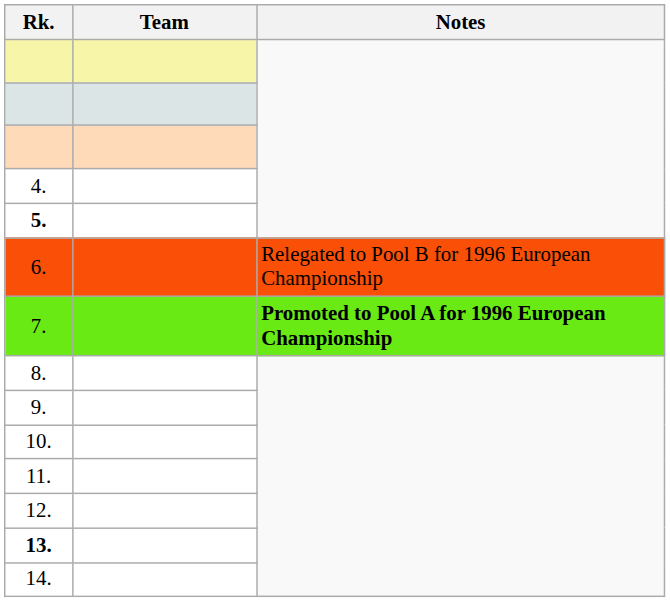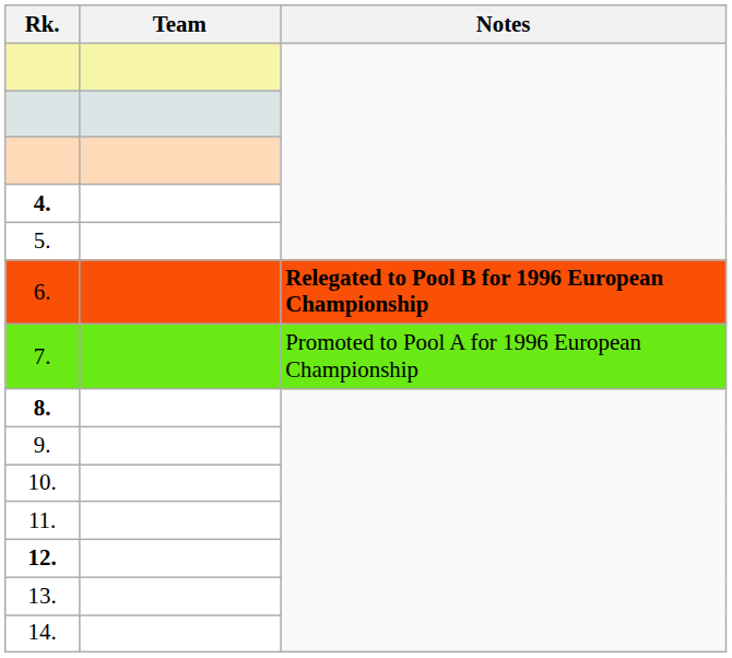 <table class="wikitable" style="border:1px solid #AAAAAA;font-size:90%">
 <tr bgcolor="#E4E4E4">
 <th style="border-bottom:1px solid #AAAAAA" width=40>Rk.</th>
 <th style="border-bottom:1px solid #AAAAAA" width=120>Team</th>
 <th style="border-bottom:1px solid #AAAAAA" width=275>Notes</th>
 </tr>
 <tr bgcolor="#F7F6A8">
 <td align="center" style="height:23px"></td>
 <td><strong></strong></td>
 </tr>
 <tr bgcolor="#DCE5E5">
 <td align="center" style="height:23px"></td>
 <td></td>
 </tr>
 <tr bgcolor="#FFDAB9">
 <td align="center" style="height:23px"></td>
 <td></td>
 </tr>
 <tr style="background:#ffffff;">
-<td align="center">4.</td>
+<td align="center"><strong>4.</strong></td>
 <td></td>
 </tr>
 <tr style="background:#ffffff;">
-<td align="center"><strong>5.</strong></td>
+<td align="center">5.</td>
 <td></td>
 </tr>
 <tr style="background:#f94f06;">
 <td align="center">6.</td>
 <td></td>
-<td>Relegated to Pool B for 1996 European Championship</td>
+<td><strong>Relegated to Pool B for 1996 European Championship</strong></td>
 </tr>
 <tr style="background:#6aEa15;">
 <td align="center">7.</td>
 <td></td>
-<td><strong>Promoted to Pool A for 1996 European Championship</strong></td>
+<td>Promoted to Pool A for 1996 European Championship</td>
 </tr>
 <tr style="background:#ffffff;">
-<td align="center">8.</td>
+<td align="center"><strong>8.</strong></td>
 <td></td>
 </tr>
 <tr style="background:#ffffff;">
 <td align="center">9.</td>
 <td></td>
 </tr>
 <tr style="background:#ffffff;">
 <td align="center">10.</td>
 <td></td>
 </tr>
 <tr style="background:#ffffff;">
 <td align="center">11.</td>
 <td></td>
 </tr>
 <tr style="background:#ffffff;">
-<td align="center">12.</td>
+<td align="center"><strong>12.</strong></td>
 <td></td>
 </tr>
 <tr style="background:#ffffff;">
-<td align="center"><strong>13.</strong></td>
+<td align="center">13.</td>
 <td></td>
 </tr>
 <tr style="background:#ffffff;">
 <td align="center">14.</td>
 <td></td>
 </tr>
 </table>
